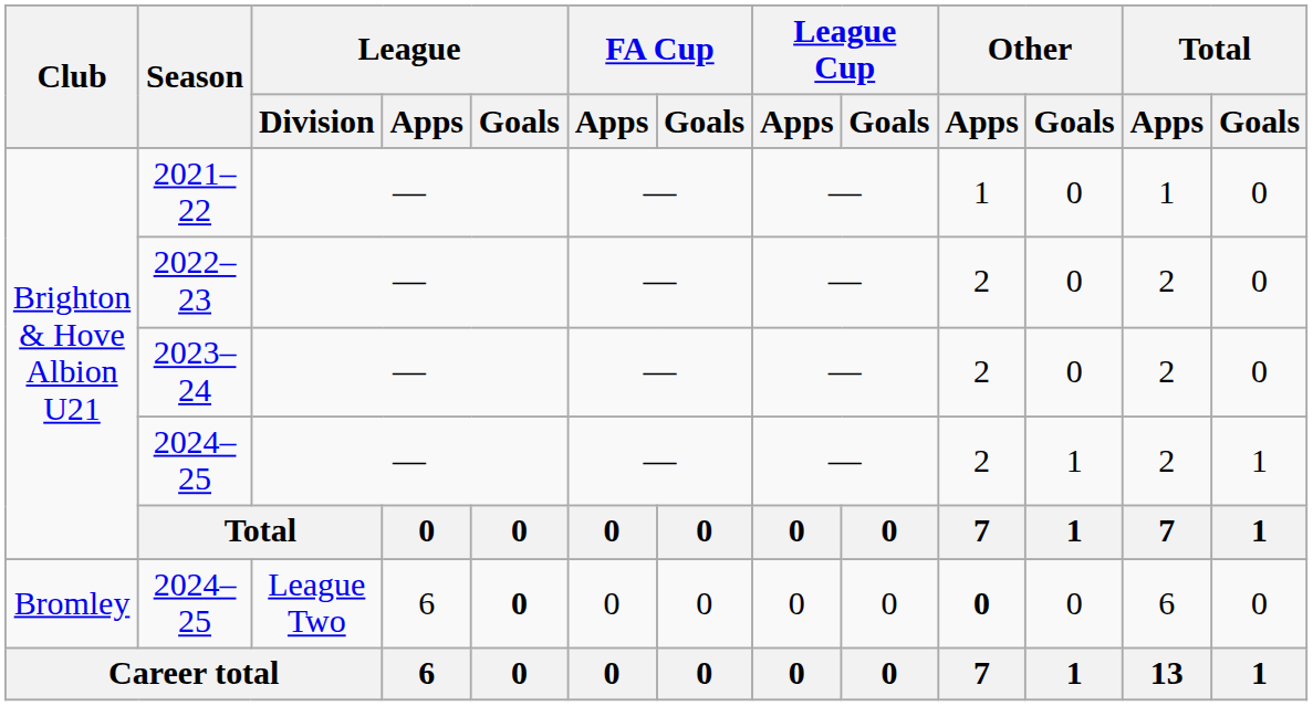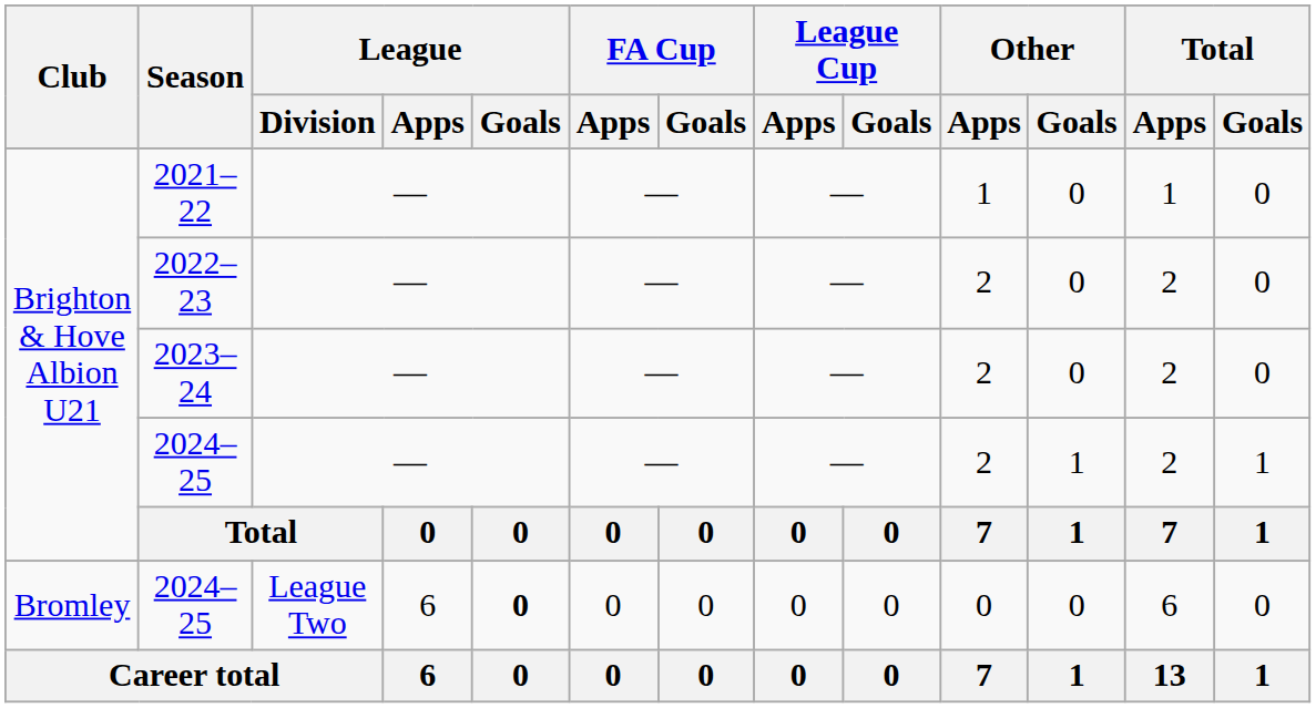 <table class="wikitable" style="text-align: center">
 <tr>
 <th rowspan="2">Club</th>
 <th rowspan="2">Season</th>
 <th colspan="3">League</th>
 <th colspan="2"><a href='#'>FA Cup</a></th>
 <th colspan="2"><a href='#'>League Cup</a></th>
 <th colspan="2">Other</th>
 <th colspan="2">Total</th>
 </tr>
 <tr>
 <th>Division</th>
 <th>Apps</th>
 <th>Goals</th>
 <th>Apps</th>
 <th>Goals</th>
 <th>Apps</th>
 <th>Goals</th>
 <th>Apps</th>
 <th>Goals</th>
 <th>Apps</th>
 <th>Goals</th>
 </tr>
 <tr>
 <td rowspan="5"><a href='#'>Brighton & Hove Albion U21</a></td>
 <td><a href='#'>2021–22</a></td>
 <td colspan=3>—</td>
 <td colspan="2">—</td>
 <td colspan="2">—</td>
 <td>1</td>
 <td>0</td>
 <td>1</td>
 <td>0</td>
 </tr>
 <tr>
 <td><a href='#'>2022–23</a></td>
 <td colspan=3>—</td>
 <td colspan="2">—</td>
 <td colspan="2">—</td>
 <td>2</td>
 <td>0</td>
 <td>2</td>
 <td>0</td>
 </tr>
 <tr>
 <td><a href='#'>2023–24</a></td>
 <td colspan=3>—</td>
 <td colspan="2">—</td>
 <td colspan="2">—</td>
 <td>2</td>
 <td>0</td>
 <td>2</td>
 <td>0</td>
 </tr>
 <tr>
 <td><a href='#'>2024–25</a></td>
 <td colspan=3>—</td>
 <td colspan="2">—</td>
 <td colspan="2">—</td>
 <td>2</td>
 <td>1</td>
 <td>2</td>
 <td>1</td>
 </tr>
 <tr>
 <th colspan="2">Total</th>
 <th>0</th>
 <th>0</th>
 <th>0</th>
 <th>0</th>
 <th>0</th>
 <th>0</th>
 <th>7</th>
 <th>1</th>
 <th>7</th>
 <th>1</th>
 </tr>
 <tr>
 <td><a href='#'>Bromley</a></td>
 <td><a href='#'>2024–25</a></td>
 <td><a href='#'>League Two</a></td>
 <td>6</td>
 <td><strong>0</strong></td>
 <td>0</td>
 <td>0</td>
 <td>0</td>
 <td>0</td>
-<td><strong>0</strong></td>
+<td>0</td>
 <td>0</td>
 <td>6</td>
 <td>0</td>
 </tr>
 <tr>
 <th colspan="3">Career total</th>
 <th>6</th>
 <th>0</th>
 <th>0</th>
 <th>0</th>
 <th>0</th>
 <th>0</th>
 <th>7</th>
 <th>1</th>
 <th>13</th>
 <th>1</th>
 </tr>
 </table>
